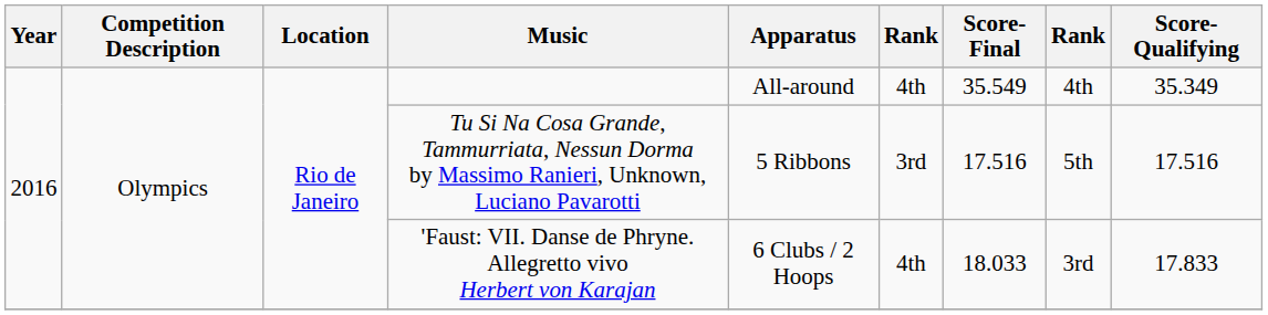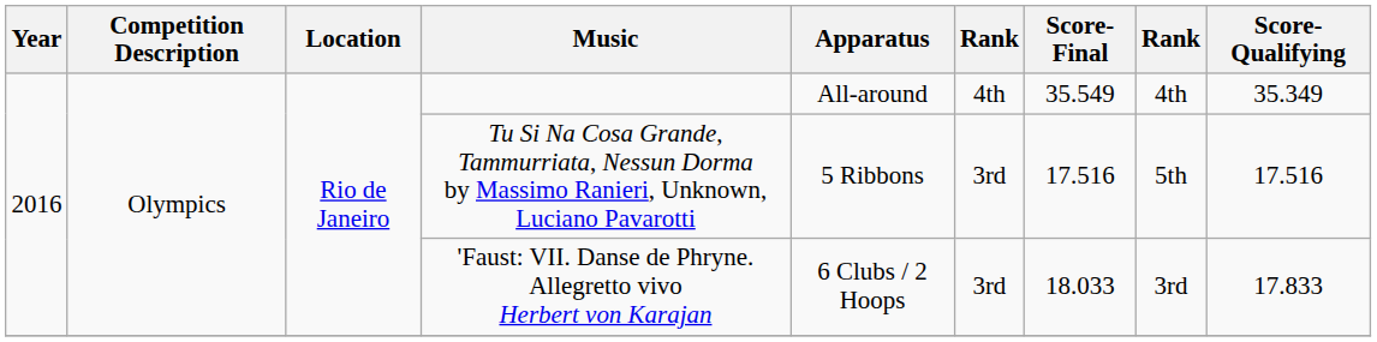 <table class="wikitable" style="text-align:center">
 <tr>
 <th>Year</th>
 <th>Competition Description</th>
 <th>Location</th>
 <th>Music</th>
 <th>Apparatus</th>
 <th>Rank</th>
 <th>Score-Final</th>
 <th>Rank</th>
 <th>Score-Qualifying</th>
 </tr>
 <tr>
 <td rowspan="3">2016</td>
 <td rowspan="3">Olympics</td>
 <td rowspan="3"><a href='#'>Rio de Janeiro</a></td>
 <td></td>
 <td>All-around</td>
 <td>4th</td>
 <td>35.549</td>
 <td>4th</td>
 <td>35.349</td>
 </tr>
 <tr>
 <td><em>Tu Si Na Cosa Grande</em>, <em>Tammurriata</em>, <em>Nessun Dorma </em><br> by <a href='#'>Massimo Ranieri</a>, Unknown, <a href='#'>Luciano Pavarotti</a></td>
 <td>5 Ribbons</td>
 <td>3rd</td>
 <td>17.516</td>
 <td>5th</td>
 <td>17.516</td>
 </tr>
 <tr>
 <td>'Faust: VII. Danse de Phryne. Allegretto vivo<em> <br> <a href='#'>Herbert von Karajan</a></td>
 <td>6 Clubs / 2 Hoops</td>
-<td>4th</td>
+<td>3rd</td>
 <td>18.033</td>
 <td>3rd</td>
 <td>17.833</td>
 </tr>
 <tr>
 </tr>
 </table>
